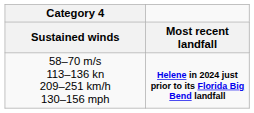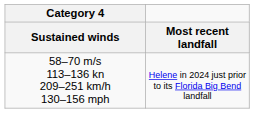 <table class="wikitable" style="text-align: center; float:right; margin-left: 1em; width:350px;">
 <tr>
 <th style="background: #">Category 4</th>
 </tr>
 <tr>
 <th>Sustained winds</th>
 <th>Most recent landfall</th>
 </tr>
 <tr>
 <td>58–70 m/s<br>113–136 kn<br>209–251 km/h<br>130–156 mph</td>
-<td style="font-size: 80%; width:142px"><strong><br><a href='#'>Helene</a> in 2024 just prior to its  <a href='#'>Florida Big Bend</a> landfall  </strong></td>
+<td style="font-size: 80%; width:142px"><br><a href='#'>Helene</a> in 2024 just prior to its  <a href='#'>Florida Big Bend</a> landfall  </td>
 </tr>
 </table>
